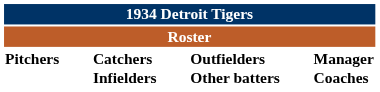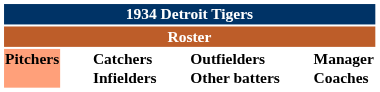 <table class="toccolours" style="font-size: 95%;">
 <tr>
 <th colspan="10" style="background-color: #003366; color: white; text-align: center;">1934 Detroit Tigers</th>
 </tr>
 <tr>
 <td colspan="10" style="background-color: #bd5d29; color: white; text-align: center;"><strong>Roster</strong></td>
 </tr>
 <tr>
-<td valign="top"><strong>Pitchers</strong><br>           </td>
+<td valign="top" style="background: lightsalmon;"><strong>Pitchers</strong><br>           </td>
 <td width="25px"></td>
 <td valign="top"><strong>Catchers</strong><br>   <strong>Infielders</strong>      </td>
 <td width="25px"></td>
 <td valign="top"><strong>Outfielders</strong><br>     <strong>Other batters</strong>   </td>
 <td width="25px"></td>
 <td valign="top"><strong>Manager</strong><br> <strong>Coaches</strong>  </td>
 </tr>
 </table>
